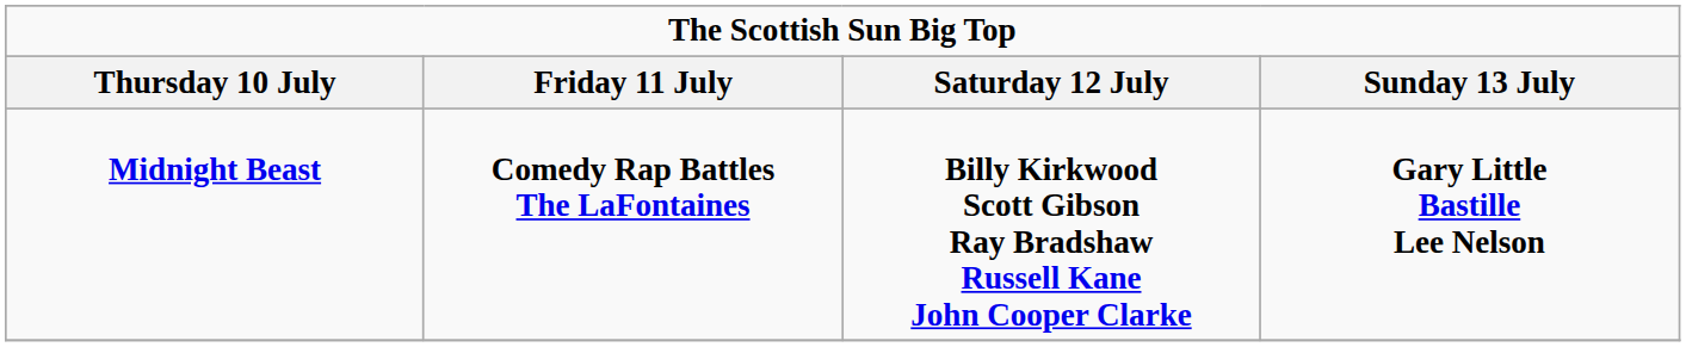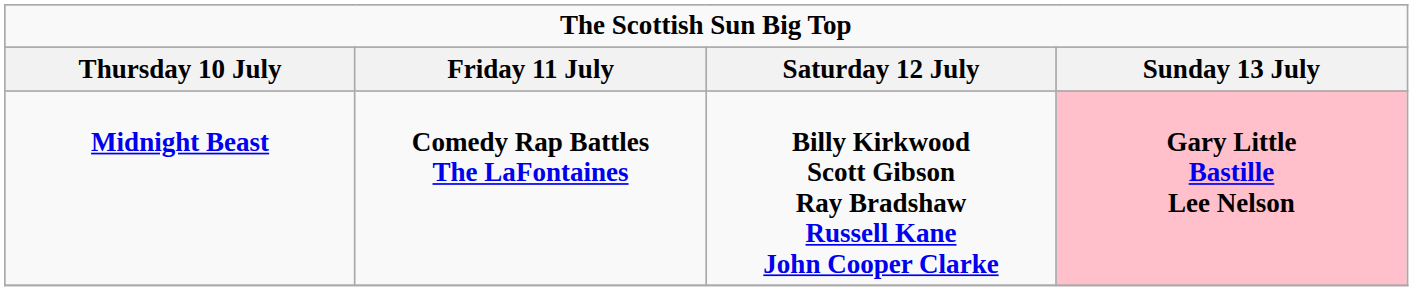 <table class="wikitable">
 <tr>
 <td colspan="4" style="text-align:center;"><strong>The Scottish Sun Big Top</strong></td>
 </tr>
 <tr>
 <th>Thursday 10 July</th>
 <th>Friday 11 July</th>
 <th>Saturday 12 July</th>
 <th>Sunday 13 July</th>
 </tr>
 <tr>
 <td style="text-align:center; vertical-align:top; width:200px;"><br><strong><a href='#'>Midnight Beast</a></strong></td>
 <td style="text-align:center; vertical-align:top; width:200px;"><br><strong>Comedy Rap Battles</strong> <br><strong><a href='#'>The LaFontaines</a></strong></td>
 <td style="text-align:center; vertical-align:top; width:200px;"><br><strong>Billy Kirkwood</strong> <br><strong>Scott Gibson</strong> <br><strong>Ray Bradshaw</strong> <br><strong><a href='#'>Russell Kane</a></strong> <br><strong><a href='#'>John Cooper Clarke</a></strong></td>
-<td style="text-align:center; vertical-align:top; width:200px;"><br><strong>Gary Little</strong> <br><strong><a href='#'>Bastille</a></strong> <br><strong>Lee Nelson</strong></td>
+<td style="background: pink; text-align:center; vertical-align:top; width:200px;"><br><strong>Gary Little</strong> <br><strong><a href='#'>Bastille</a></strong> <br><strong>Lee Nelson</strong></td>
 </tr>
 <tr>
 </tr>
 </table>
